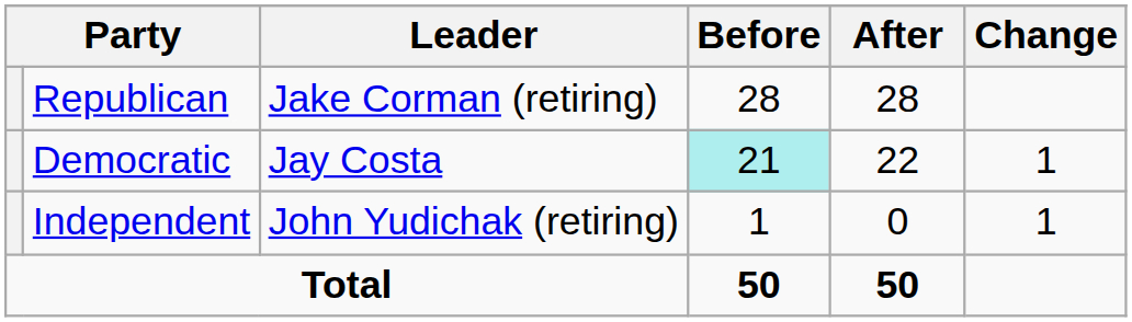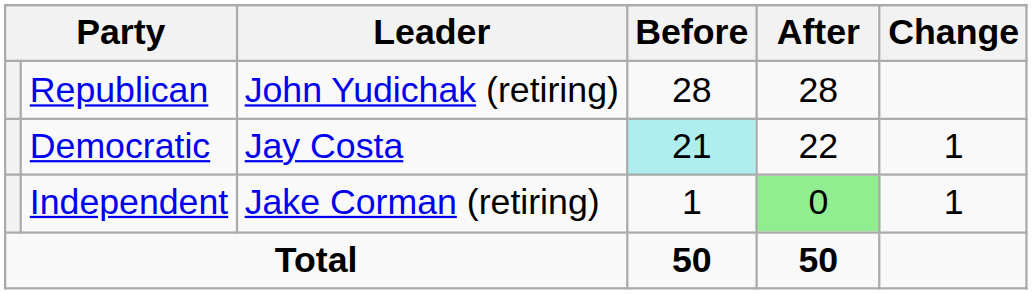 <table class="wikitable" style="text-align:center;">
 <tr>
 </tr>
 <tr>
 <th colspan=2>Party</th>
 <th>Leader</th>
 <th style="width:3em">Before</th>
 <th style="width:3em">After</th>
 <th style="width:3em">Change</th>
 </tr>
 <tr>
 <th style="background-color:"></th>
 <td style="text-align:left;"><a href='#'>Republican</a></td>
-<td style="text-align:left;"><a href='#'>Jake Corman</a> (retiring)</td>
+<td style="text-align:left;"><a href='#'>John Yudichak</a> (retiring)</td>
 <td>28</td>
 <td>28</td>
 <td></td>
 </tr>
 <tr>
 <th style="background-color:"></th>
 <td style="text-align:left;"><a href='#'>Democratic</a></td>
 <td style="text-align:left;"><a href='#'>Jay Costa</a></td>
 <td style="background: paleturquoise;">21</td>
 <td>22</td>
 <td> 1</td>
 </tr>
 <tr>
 <th style="background-color:"></th>
 <td style="text-align:left;"><a href='#'>Independent</a></td>
-<td style="text-align:left;"><a href='#'>John Yudichak</a> (retiring)</td>
+<td style="text-align:left;"><a href='#'>Jake Corman</a> (retiring)</td>
 <td>1</td>
-<td>0</td>
+<td style="background: lightgreen;">0</td>
 <td> 1</td>
 </tr>
 <tr>
 <td colspan=3><strong>Total</strong></td>
 <td><strong>50</strong></td>
 <td><strong>50</strong></td>
 <td></td>
 </tr>
 </table>
